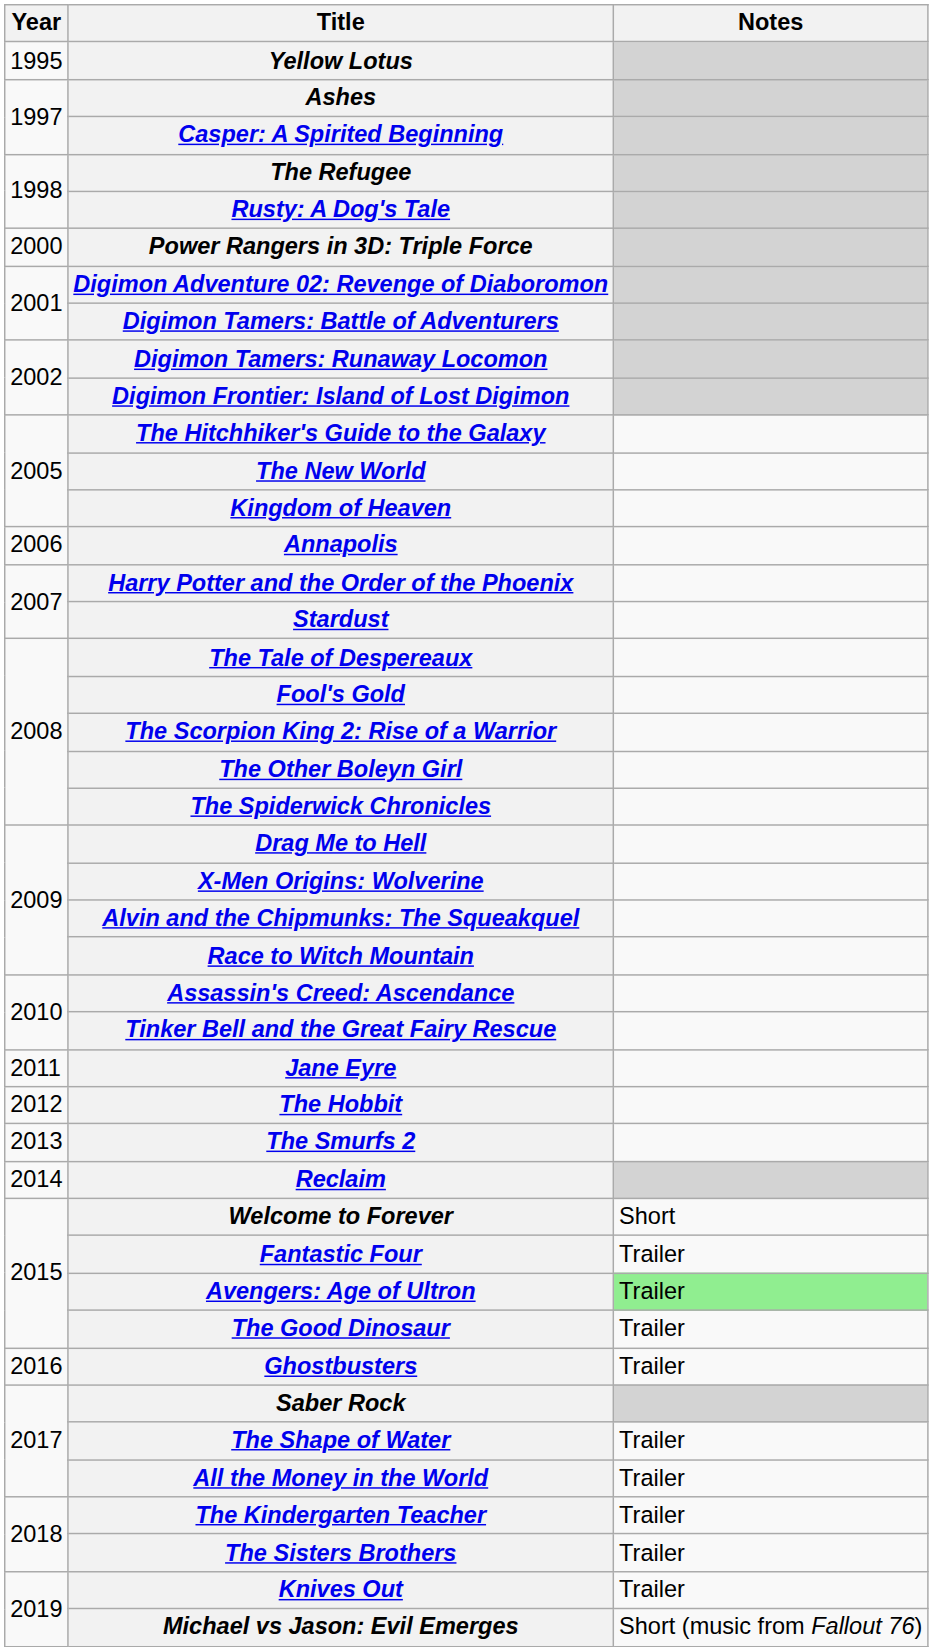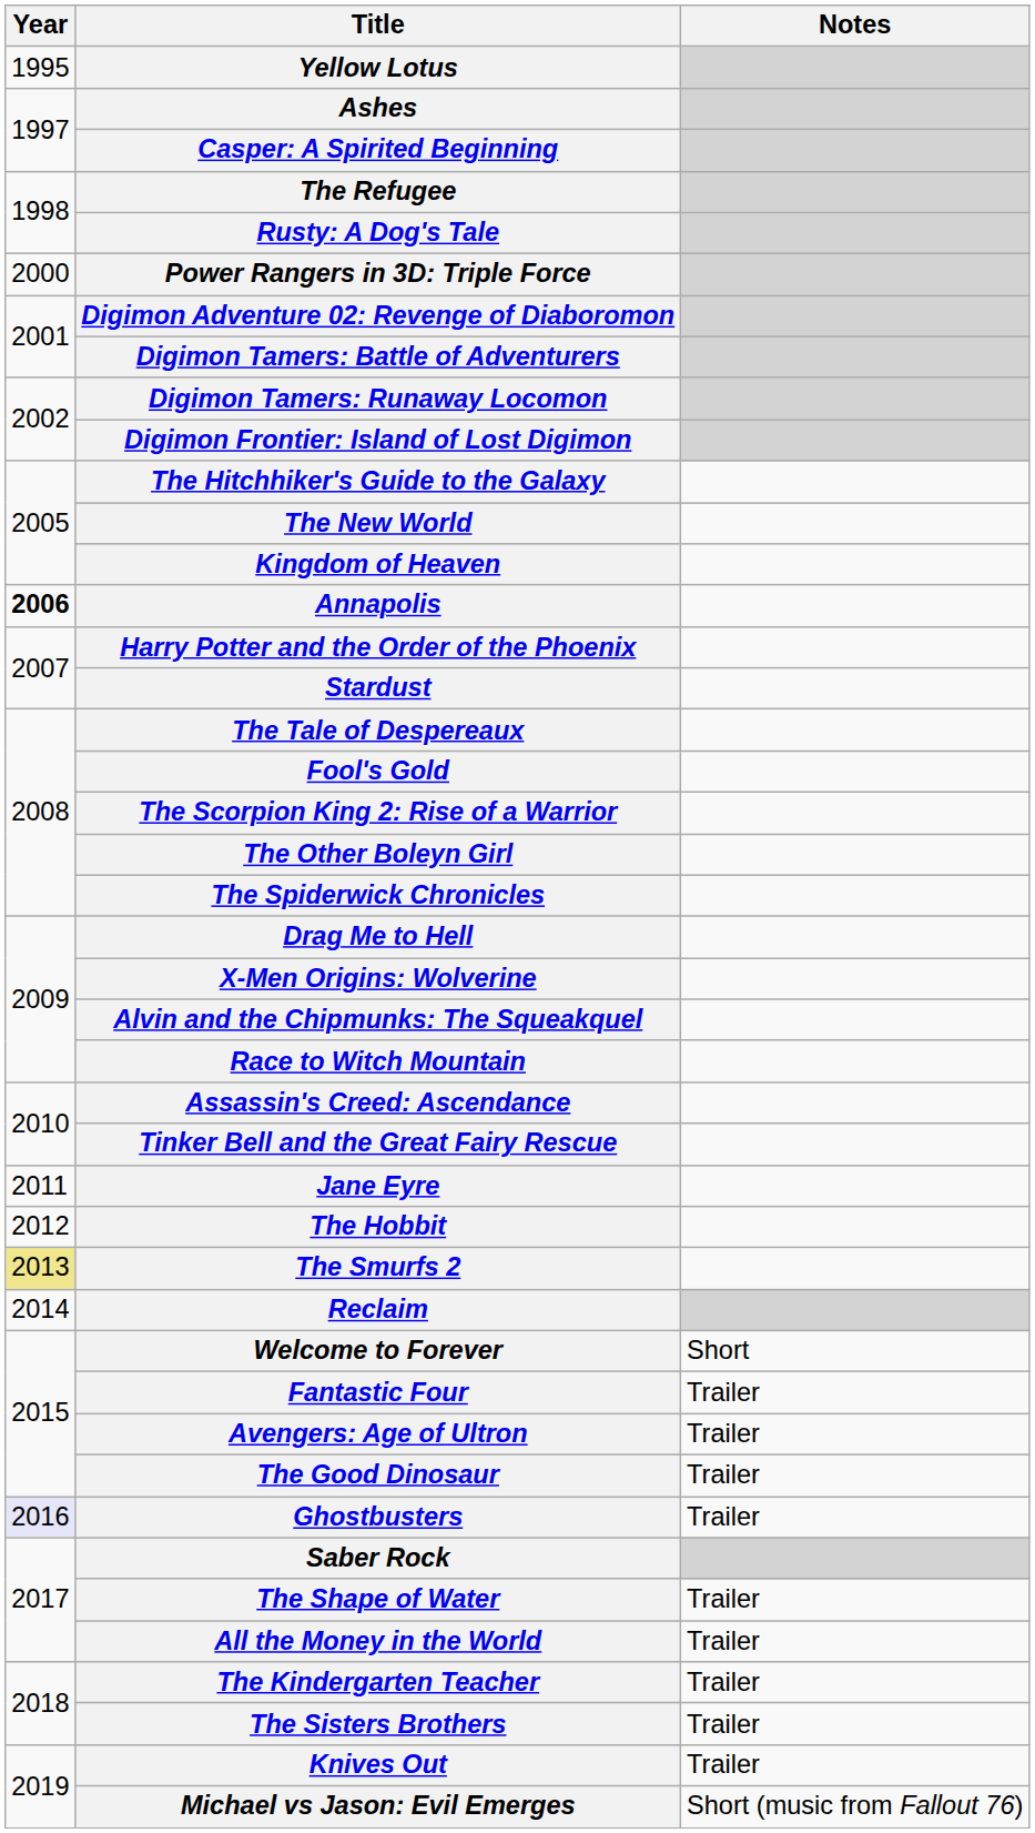 <table class="wikitable plainrowheaders">
 <tr>
 <th scope="col">Year</th>
 <th scope="col">Title</th>
 <th scope="col">Notes</th>
 </tr>
 <tr>
 <td>1995</td>
 <th scope="row"><em>Yellow Lotus</em></th>
 <td style="background-color:#D3D3D3;"></td>
 </tr>
 <tr>
 <td rowspan="2">1997</td>
 <th scope="row"><em>Ashes</em></th>
 <td style="background-color:#D3D3D3;"></td>
 </tr>
 <tr>
 <th scope="row"><em><a href='#'>Casper: A Spirited Beginning</a></em></th>
 <td style="background-color:#D3D3D3;"></td>
 </tr>
 <tr>
 <td rowspan="2">1998</td>
 <th scope="row"><em>The Refugee</em></th>
 <td style="background-color:#D3D3D3;"></td>
 </tr>
 <tr>
 <th scope="row"><em><a href='#'>Rusty: A Dog's Tale</a></em></th>
 <td style="background-color:#D3D3D3;"></td>
 </tr>
 <tr>
 <td>2000</td>
 <th scope="row"><em>Power Rangers in 3D: Triple Force</em></th>
 <td style="background-color:#D3D3D3;"></td>
 </tr>
 <tr>
 <td rowspan="2">2001</td>
 <th scope="row"><em><a href='#'>Digimon Adventure 02: Revenge of Diaboromon</a></em></th>
 <td style="background-color:#D3D3D3;"></td>
 </tr>
 <tr>
 <th scope="row"><em><a href='#'>Digimon Tamers: Battle of Adventurers</a></em></th>
 <td style="background-color:#D3D3D3;"></td>
 </tr>
 <tr>
 <td rowspan="2">2002</td>
 <th scope="row"><em><a href='#'>Digimon Tamers: Runaway Locomon</a></em></th>
 <td style="background-color:#D3D3D3;"></td>
 </tr>
 <tr>
 <th scope="row"><em><a href='#'>Digimon Frontier: Island of Lost Digimon</a></em></th>
 <td style="background-color:#D3D3D3;"></td>
 </tr>
 <tr>
 <td rowspan="3">2005</td>
 <th scope="row"><em><a href='#'>The Hitchhiker's Guide to the Galaxy</a></em></th>
 <td></td>
 </tr>
 <tr>
 <th scope="row"><em><a href='#'>The New World</a></em></th>
 <td></td>
 </tr>
 <tr>
 <th scope="row"><em><a href='#'>Kingdom of Heaven</a></em></th>
 <td></td>
 </tr>
 <tr>
-<td>2006</td>
+<td><strong>2006</strong></td>
 <th scope="row"><em><a href='#'>Annapolis</a></em></th>
 <td></td>
 </tr>
 <tr>
 <td rowspan="2">2007</td>
 <th scope="row"><em><a href='#'>Harry Potter and the Order of the Phoenix</a></em></th>
 <td></td>
 </tr>
 <tr>
 <th scope="row"><em><a href='#'>Stardust</a></em></th>
 <td></td>
 </tr>
 <tr>
 <td rowspan="5">2008</td>
 <th scope="row"><em><a href='#'>The Tale of Despereaux</a></em></th>
 <td></td>
 </tr>
 <tr>
 <th scope="row"><em><a href='#'>Fool's Gold</a></em></th>
 <td></td>
 </tr>
 <tr>
 <th scope="row"><em><a href='#'>The Scorpion King 2: Rise of a Warrior</a></em></th>
 <td></td>
 </tr>
 <tr>
 <th scope="row"><em><a href='#'>The Other Boleyn Girl</a></em></th>
 <td></td>
 </tr>
 <tr>
 <th scope="row"><em><a href='#'>The Spiderwick Chronicles</a></em></th>
 <td></td>
 </tr>
 <tr>
 <td rowspan="4">2009</td>
 <th scope="row"><em><a href='#'>Drag Me to Hell</a></em></th>
 <td></td>
 </tr>
 <tr>
 <th scope="row"><em><a href='#'>X-Men Origins: Wolverine</a></em></th>
 <td></td>
 </tr>
 <tr>
 <th scope="row"><em><a href='#'>Alvin and the Chipmunks: The Squeakquel</a></em></th>
 <td></td>
 </tr>
 <tr>
 <th scope="row"><em><a href='#'>Race to Witch Mountain</a></em></th>
 <td></td>
 </tr>
 <tr>
 <td rowspan="2">2010</td>
 <th scope="row"><em><a href='#'>Assassin's Creed: Ascendance</a></em></th>
 <td></td>
 </tr>
 <tr>
 <th scope="row"><em><a href='#'>Tinker Bell and the Great Fairy Rescue</a></em></th>
 <td></td>
 </tr>
 <tr>
 <td>2011</td>
 <th scope="row"><em><a href='#'>Jane Eyre</a></em></th>
 <td></td>
 </tr>
 <tr>
 <td>2012</td>
 <th scope="row"><em><a href='#'>The Hobbit</a></em></th>
 <td></td>
 </tr>
 <tr>
-<td>2013</td>
+<td style="background: khaki;">2013</td>
 <th scope="row"><em><a href='#'>The Smurfs 2</a></em></th>
 <td></td>
 </tr>
 <tr>
 <td>2014</td>
 <th scope="row"><em><a href='#'>Reclaim</a></em></th>
 <td style="background-color:#D3D3D3;"></td>
 </tr>
 <tr>
 <td rowspan="4">2015</td>
 <th scope="row"><em>Welcome to Forever</em></th>
 <td>Short</td>
 </tr>
 <tr>
 <th scope="row"><em><a href='#'>Fantastic Four</a></em></th>
 <td>Trailer</td>
 </tr>
 <tr>
 <th scope="row"><em><a href='#'>Avengers: Age of Ultron</a></em></th>
-<td style="background: lightgreen;">Trailer</td>
+<td>Trailer</td>
 </tr>
 <tr>
 <th scope="row"><em><a href='#'>The Good Dinosaur</a></em></th>
 <td>Trailer</td>
 </tr>
 <tr>
-<td>2016</td>
+<td style="background: lavender;">2016</td>
 <th scope="row"><em><a href='#'>Ghostbusters</a></em></th>
 <td>Trailer</td>
 </tr>
 <tr>
 <td rowspan="3">2017</td>
 <th scope="row"><em>Saber Rock</em></th>
 <td style="background-color:#D3D3D3;"></td>
 </tr>
 <tr>
 <th scope="row"><em><a href='#'>The Shape of Water</a></em></th>
 <td>Trailer</td>
 </tr>
 <tr>
 <th scope="row"><em><a href='#'>All the Money in the World</a></em></th>
 <td>Trailer</td>
 </tr>
 <tr>
 <td rowspan="2">2018</td>
 <th scope="row"><em><a href='#'>The Kindergarten Teacher</a></em></th>
 <td>Trailer</td>
 </tr>
 <tr>
 <th scope="row"><em><a href='#'>The Sisters Brothers</a></em></th>
 <td>Trailer</td>
 </tr>
 <tr>
 <td rowspan="2">2019</td>
 <th scope="row"><em><a href='#'>Knives Out</a></em></th>
 <td>Trailer</td>
 </tr>
 <tr>
 <th scope="row"><em>Michael vs Jason: Evil Emerges</em></th>
 <td>Short (music from <em>Fallout 76</em>)</td>
 </tr>
 </table>
